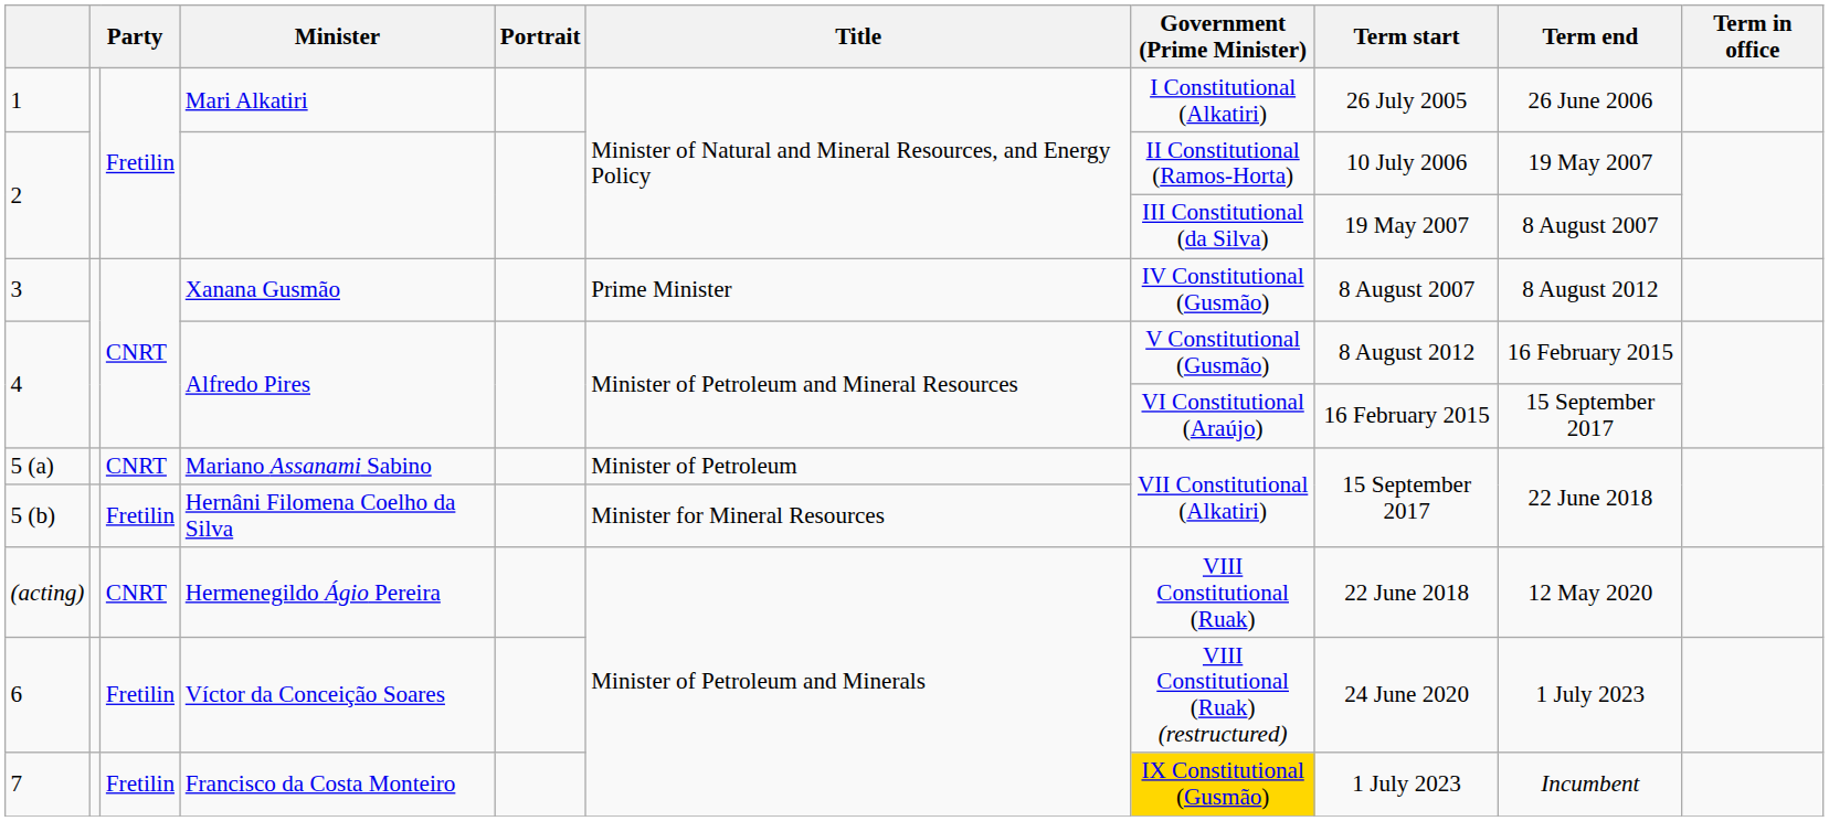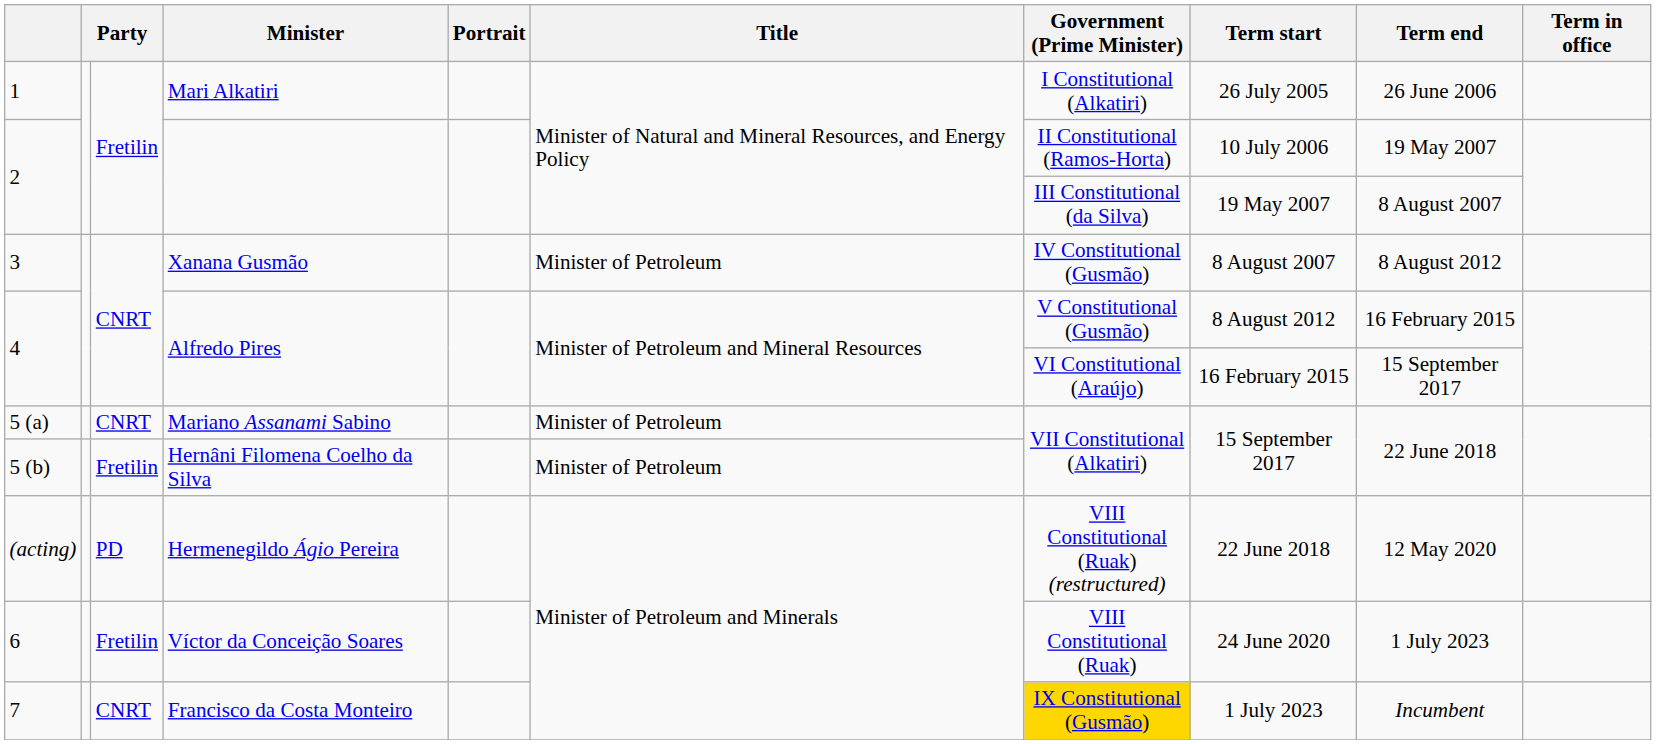 <table class="wikitable sortable">
 <tr>
 <th></th>
 <th colspan="2">Party</th>
 <th>Minister</th>
 <th>Portrait</th>
 <th>Title</th>
 <th>Government<br>(Prime Minister)</th>
 <th>Term start</th>
 <th>Term end</th>
 <th>Term in office</th>
 </tr>
 <tr>
 <td>1</td>
 <td rowspan=3 style="background:"></td>
 <td rowspan=3><a href='#'>Fretilin</a></td>
 <td><a href='#'>Mari Alkatiri</a></td>
 <td></td>
 <td rowspan=3>Minister of Natural and Mineral Resources, and Energy Policy</td>
 <td align=center><a href='#'>I Constitutional</a><br>(<a href='#'>Alkatiri</a>)</td>
 <td align=center>26 July 2005</td>
 <td align=center>26 June 2006</td>
 <td align=right></td>
 </tr>
 <tr>
 <td rowspan=2>2</td>
 <td rowspan=2></td>
 <td rowspan=2></td>
 <td align=center><a href='#'>II Constitutional</a><br>(<a href='#'>Ramos-Horta</a>)</td>
 <td align=center>10 July 2006</td>
 <td align=center>19 May 2007</td>
 <td rowspan=2 align=right></td>
 </tr>
 <tr>
 <td align=center><a href='#'>III Constitutional</a><br>(<a href='#'>da Silva</a>)</td>
 <td align=center>19 May 2007</td>
 <td align=center>8 August 2007</td>
 </tr>
 <tr>
 <td>3</td>
 <td rowspan=3 style="background:"></td>
 <td rowspan=3><a href='#'>CNRT</a></td>
 <td><a href='#'>Xanana Gusmão</a></td>
 <td></td>
-<td>Prime Minister</td>
+<td>Minister of Petroleum</td>
 <td align=center><a href='#'>IV Constitutional</a><br>(<a href='#'>Gusmão</a>)</td>
 <td align=center>8 August 2007</td>
 <td align=center>8 August 2012</td>
 <td align=right></td>
 </tr>
 <tr>
 <td rowspan=2>4</td>
 <td rowspan=2><a href='#'>Alfredo Pires</a></td>
 <td rowspan=2></td>
 <td rowspan=2>Minister of Petroleum and Mineral Resources</td>
 <td align=center><a href='#'>V Constitutional</a><br>(<a href='#'>Gusmão</a>)</td>
 <td align=center>8 August 2012</td>
 <td align=center>16 February 2015</td>
 <td rowspan=2 align=right></td>
 </tr>
 <tr>
 <td align=center><a href='#'>VI Constitutional</a><br>(<a href='#'>Araújo</a>)</td>
 <td align=center>16 February 2015</td>
 <td align=center>15 September 2017</td>
 </tr>
 <tr>
 <td>5 (a)</td>
 <td style="background:"></td>
 <td><a href='#'>CNRT</a></td>
 <td><a href='#'>Mariano <em>Assanami</em> Sabino</a></td>
 <td></td>
 <td>Minister of Petroleum</td>
 <td rowspan=2 align=center><a href='#'>VII Constitutional</a><br>(<a href='#'>Alkatiri</a>)</td>
 <td rowspan=2 align=center>15 September 2017</td>
 <td rowspan=2 align=center>22 June 2018</td>
 <td rowspan=2 align=right></td>
 </tr>
 <tr>
 <td>5 (b)</td>
 <td style="background:"></td>
 <td><a href='#'>Fretilin</a></td>
 <td><a href='#'>Hernâni Filomena Coelho da Silva</a></td>
 <td></td>
-<td>Minister for Mineral Resources</td>
+<td>Minister of Petroleum</td>
 </tr>
 <tr>
 <td><em>(acting)</em></td>
 <td style="background:"></td>
-<td><a href='#'>CNRT</a></td>
+<td><a href='#'>PD</a></td>
 <td><a href='#'>Hermenegildo <em>Ágio</em> Pereira</a></td>
 <td></td>
 <td rowspan=3>Minister of Petroleum and Minerals</td>
-<td align=center><a href='#'>VIII Constitutional</a><br>(<a href='#'>Ruak</a>)</td>
+<td align=center><a href='#'>VIII Constitutional</a><br>(<a href='#'>Ruak</a>)<br><em>(restructured)</em></td>
 <td align=center>22 June 2018</td>
 <td align=center>12 May 2020</td>
 <td align=right></td>
 </tr>
 <tr>
 <td>6</td>
 <td style="background:"></td>
 <td><a href='#'>Fretilin</a></td>
 <td><a href='#'>Víctor da Conceição Soares</a></td>
 <td></td>
-<td align=center><a href='#'>VIII Constitutional</a><br>(<a href='#'>Ruak</a>)<br><em>(restructured)</em></td>
+<td align=center><a href='#'>VIII Constitutional</a><br>(<a href='#'>Ruak</a>)</td>
 <td align=center>24 June 2020</td>
 <td align=center>1 July 2023</td>
 <td align=right></td>
 </tr>
 <tr>
 <td>7</td>
 <td style="background:"></td>
-<td><a href='#'>Fretilin</a></td>
+<td><a href='#'>CNRT</a></td>
 <td><a href='#'>Francisco da Costa Monteiro</a></td>
 <td></td>
 <td align=center style="background: gold;"><a href='#'>IX Constitutional</a><br>(<a href='#'>Gusmão</a>)</td>
 <td align=center>1 July 2023</td>
 <td align=center><em>Incumbent</em></td>
 <td align=right></td>
 </tr>
 </table>
